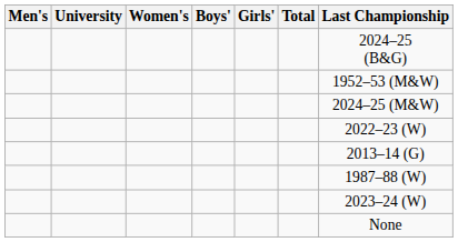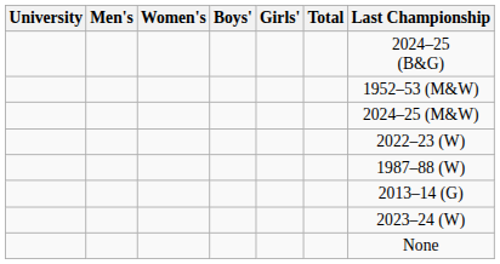 <table class="wikitable">
 <tr>
+<th>University</th>
 <th>Men's</th>
-<th>University</th>
 <th>Women's</th>
 <th>Boys'</th>
 <th>Girls'</th>
 <th>Total</th>
 <th>Last Championship</th>
 </tr>
 <tr align="center">
+<td align="left"><strong></strong></td>
 <td></td>
-<td align="left"><strong></strong></td>
 <td></td>
 <td></td>
 <td></td>
 <td></td>
 <td>2024–25<br>(B&G)</td>
 </tr>
 <tr align="center">
+<td align="left"><strong></strong></td>
 <td></td>
-<td align="left"><strong></strong></td>
 <td></td>
 <td></td>
 <td></td>
 <td></td>
 <td>1952–53 (M&W)</td>
 </tr>
 <tr align="center">
+<td align="left"><strong></strong></td>
 <td></td>
-<td align="left"><strong></strong></td>
 <td></td>
 <td></td>
 <td></td>
 <td></td>
 <td>2024–25 (M&W)</td>
 </tr>
 <tr align="center">
+<td align="left"><strong></strong></td>
 <td></td>
-<td align="left"><strong></strong></td>
 <td></td>
 <td></td>
 <td></td>
 <td></td>
 <td>2022–23 (W)</td>
 </tr>
 <tr align="center">
+<td align="left"><strong></strong></td>
 <td></td>
+<td></td>
+<td></td>
+<td></td>
+<td></td>
+<td>1987–88 (W)</td>
+</tr>
+<tr align="center">
 <td align="left"><strong></strong></td>
+<td></td>
 <td></td>
 <td></td>
 <td></td>
 <td></td>
 <td>2013–14 (G)</td>
 </tr>
 <tr align="center">
-<td></td>
 <td align="left"><strong></strong></td>
 <td></td>
-<td></td>
-<td></td>
-<td></td>
-<td>1987–88 (W)</td>
-</tr>
-<tr align="center">
-<td></td>
-<td align="left"><strong></strong></td>
 <td></td>
 <td></td>
 <td></td>
 <td></td>
 <td>2023–24 (W)</td>
 </tr>
 <tr align="center">
+<td align="left"><strong></strong></td>
 <td></td>
-<td align="left"><strong></strong></td>
 <td></td>
 <td></td>
 <td></td>
 <td></td>
 <td>None</td>
 </tr>
 </table>
